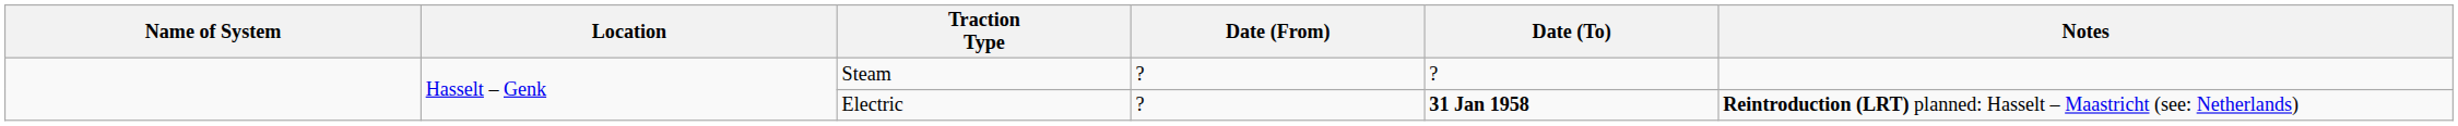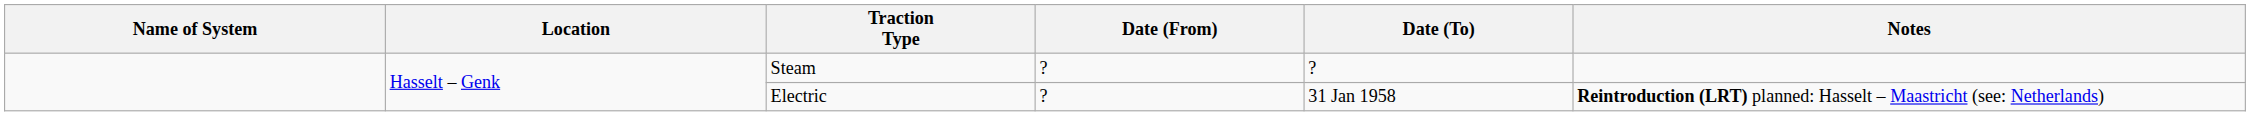 <table class="wikitable" width=100%>
 <tr>
 <th width=17%>Name of System</th>
 <th width=17%>Location</th>
 <th width=12%>Traction<br>Type</th>
 <th width=12%>Date (From)</th>
 <th width=12%>Date (To)</th>
 <th width=30%>Notes</th>
 </tr>
 <tr>
 <td rowspan=2> </td>
 <td rowspan=2><a href='#'>Hasselt</a> – <a href='#'>Genk</a></td>
 <td>Steam</td>
 <td>?</td>
 <td>?</td>
 <td> </td>
 </tr>
 <tr>
 <td>Electric</td>
 <td>?</td>
-<td><strong>31 Jan 1958</strong></td>
+<td>31 Jan 1958</td>
 <td><strong>Reintroduction (LRT)</strong> planned: Hasselt – <a href='#'>Maastricht</a> (see: <a href='#'>Netherlands</a>)</td>
 </tr>
 </table>
